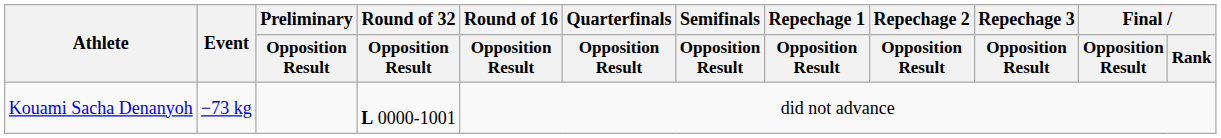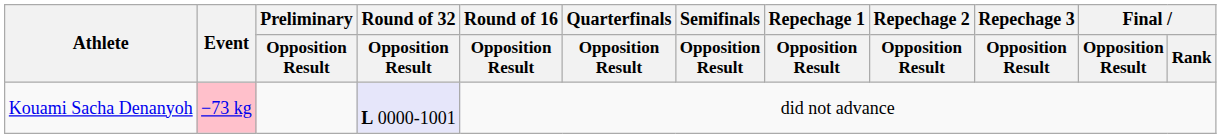 <table class="wikitable" style="font-size:90%">
 <tr>
 <th rowspan="2">Athlete</th>
 <th rowspan="2">Event</th>
 <th>Preliminary</th>
 <th>Round of 32</th>
 <th>Round of 16</th>
 <th>Quarterfinals</th>
 <th>Semifinals</th>
 <th>Repechage 1</th>
 <th>Repechage 2</th>
 <th>Repechage 3</th>
 <th colspan=2>Final / </th>
 </tr>
 <tr style="font-size:95%">
 <th>Opposition<br>Result</th>
 <th>Opposition<br>Result</th>
 <th>Opposition<br>Result</th>
 <th>Opposition<br>Result</th>
 <th>Opposition<br>Result</th>
 <th>Opposition<br>Result</th>
 <th>Opposition<br>Result</th>
 <th>Opposition<br>Result</th>
 <th>Opposition<br>Result</th>
 <th>Rank</th>
 </tr>
 <tr align=center>
 <td align=left><a href='#'>Kouami Sacha Denanyoh</a></td>
-<td align=left><a href='#'>−73 kg</a></td>
+<td align=left style="background: pink;"><a href='#'>−73 kg</a></td>
 <td></td>
-<td><br><strong>L</strong> 0000-1001</td>
+<td style="background: lavender;"><br><strong>L</strong> 0000-1001</td>
 <td colspan=8>did not advance</td>
 </tr>
 </table>
